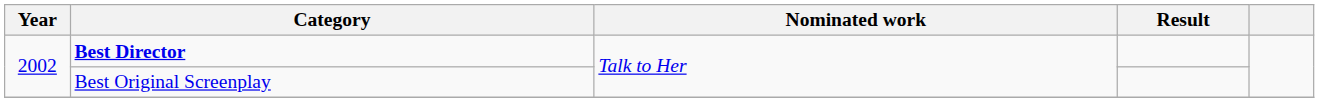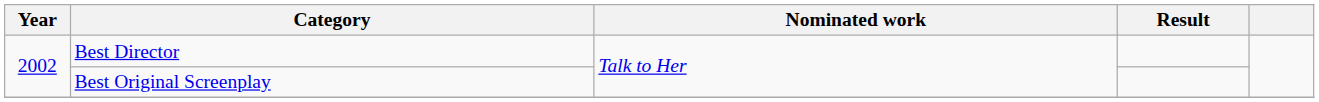 <table class="wikitable" style="width:85%;">
 <tr>
 <th width=5%>Year</th>
 <th style="width:40%;">Category</th>
 <th style="width:40%;">Nominated work</th>
 <th style="width:10%;">Result</th>
 <th width=5%></th>
 </tr>
 <tr>
 <td rowspan=2 style="text-align:center;"><a href='#'>2002</a></td>
-<td><strong><a href='#'>Best Director</a></strong></td>
+<td><a href='#'>Best Director</a></td>
 <td rowspan=2><em><a href='#'>Talk to Her</a></em></td>
 <td></td>
 <td rowspan="2"></td>
 </tr>
 <tr>
 <td><a href='#'>Best Original Screenplay</a></td>
 <td></td>
 </tr>
 <tr>
 </tr>
 </table>
